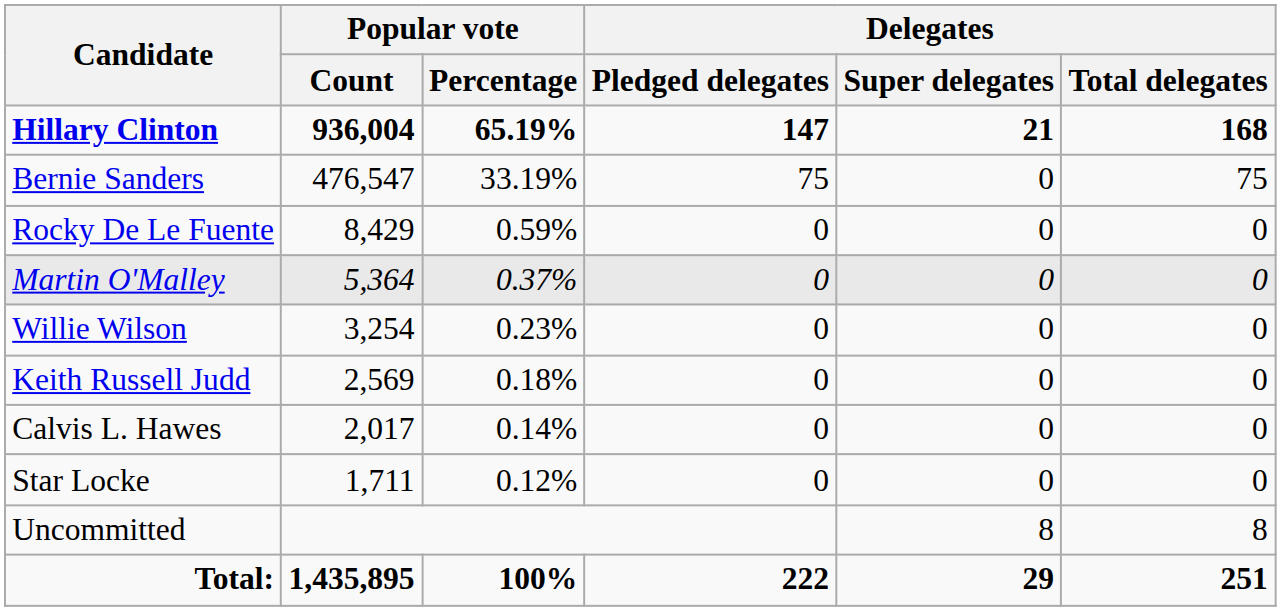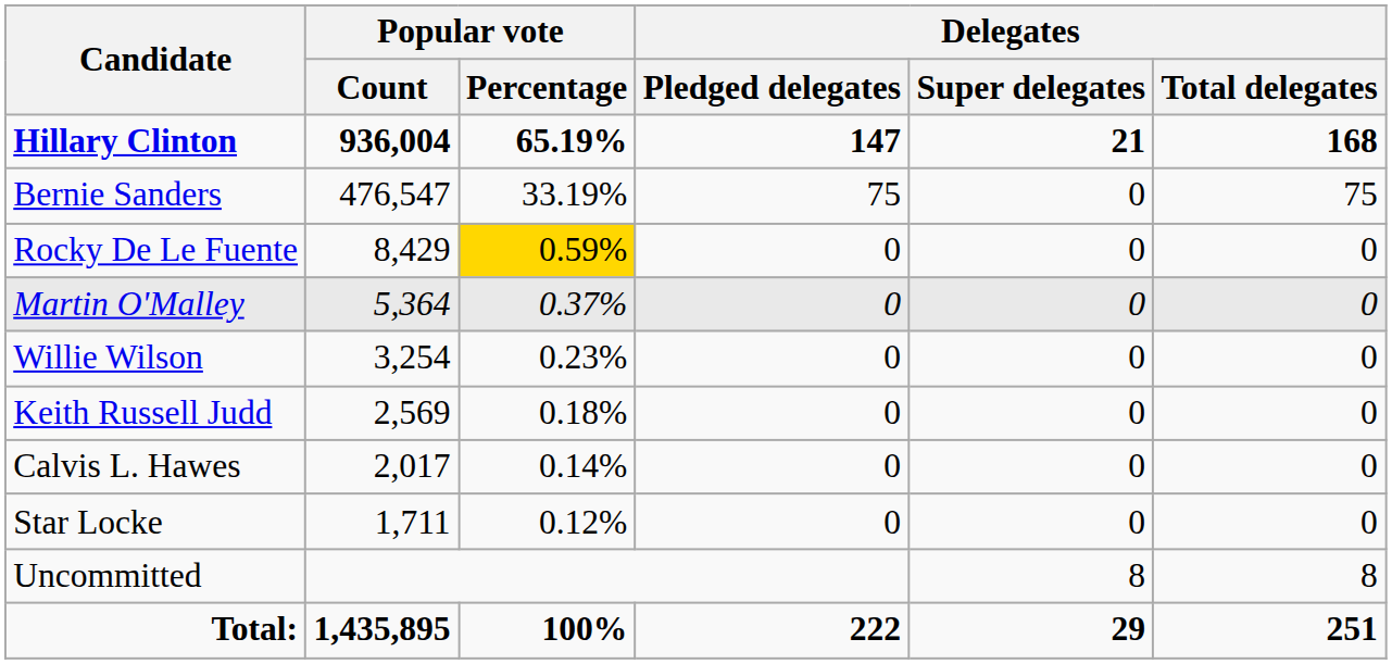 <table class="wikitable">
 <tr>
 <th rowspan="2">Candidate</th>
 <th colspan="2">Popular vote</th>
 <th colspan="3">Delegates</th>
 </tr>
 <tr>
 <th>Count</th>
 <th>Percentage</th>
 <th>Pledged delegates</th>
 <th>Super delegates</th>
 <th>Total delegates</th>
 </tr>
 <tr align="right" >
 <td style="text-align:left;"><strong> <a href='#'>Hillary Clinton</a></strong></td>
 <td><strong>936,004</strong></td>
 <td><strong>65.19%</strong></td>
 <td><strong>147</strong></td>
 <td><strong>21</strong></td>
 <td><strong>168</strong></td>
 </tr>
 <tr style="text-align:right;">
 <td style="text-align:left;"><a href='#'>Bernie Sanders</a></td>
 <td>476,547</td>
 <td>33.19%</td>
 <td>75</td>
 <td>0</td>
 <td>75</td>
 </tr>
 <tr style="text-align:right;">
 <td style="text-align:left;"><a href='#'>Rocky De Le Fuente</a></td>
 <td>8,429</td>
-<td>0.59%</td>
+<td style="background: gold;">0.59%</td>
 <td>0</td>
 <td>0</td>
 <td>0</td>
 </tr>
 <tr style="text-align:right; background:#e9e9e9;">
 <td style="text-align:left;"><em><a href='#'>Martin O'Malley</a></em></td>
 <td><em>5,364</em></td>
 <td><em>0.37%</em></td>
 <td><em>0</em></td>
 <td><em>0</em></td>
 <td><em>0</em></td>
 </tr>
 <tr style="text-align:right;">
 <td style="text-align:left;"><a href='#'>Willie Wilson</a></td>
 <td>3,254</td>
 <td>0.23%</td>
 <td>0</td>
 <td>0</td>
 <td>0</td>
 </tr>
 <tr style="text-align:right;">
 <td style="text-align:left;"><a href='#'>Keith Russell Judd</a></td>
 <td>2,569</td>
 <td>0.18%</td>
 <td>0</td>
 <td>0</td>
 <td>0</td>
 </tr>
 <tr style="text-align:right;">
 <td style="text-align:left;">Calvis L. Hawes</td>
 <td>2,017</td>
 <td>0.14%</td>
 <td>0</td>
 <td>0</td>
 <td>0</td>
 </tr>
 <tr style="text-align:right;">
 <td style="text-align:left;">Star Locke</td>
 <td>1,711</td>
 <td>0.12%</td>
 <td>0</td>
 <td>0</td>
 <td>0</td>
 </tr>
 <tr style="text-align:right;">
 <td style="text-align:left;">Uncommitted</td>
 <td colspan="3"></td>
 <td>8</td>
 <td>8</td>
 </tr>
 <tr style="text-align:right;">
 <td><strong>Total:</strong></td>
 <td><strong>1,435,895</strong></td>
 <td><strong>100%</strong></td>
 <td><strong>222</strong></td>
 <td><strong>29</strong></td>
 <td><strong>251</strong></td>
 </tr>
 </table>
